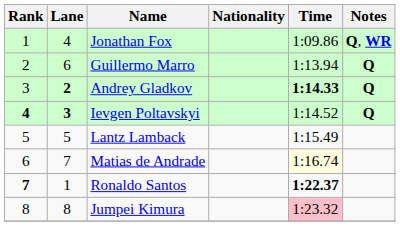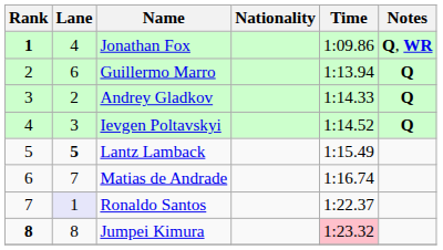 <table class="wikitable">
 <tr>
 <th>Rank</th>
 <th>Lane</th>
 <th>Name</th>
 <th>Nationality</th>
 <th>Time</th>
 <th>Notes</th>
 </tr>
 <tr bgcolor=ccffcc>
-<td align=center>1</td>
+<td align=center><strong>1</strong></td>
 <td align=center>4</td>
 <td><a href='#'>Jonathan Fox</a></td>
 <td></td>
 <td align=center>1:09.86</td>
 <td align=center><strong>Q</strong>, <strong><a href='#'>WR</a></strong></td>
 </tr>
 <tr bgcolor=ccffcc>
 <td align=center>2</td>
 <td align=center>6</td>
 <td><a href='#'>Guillermo Marro</a></td>
 <td></td>
 <td align=center>1:13.94</td>
 <td align=center><strong>Q</strong></td>
 </tr>
 <tr bgcolor=ccffcc>
 <td align=center>3</td>
-<td align=center><strong>2</strong></td>
+<td align=center>2</td>
 <td><a href='#'>Andrey Gladkov</a></td>
 <td></td>
-<td align=center><strong>1:14.33</strong></td>
+<td align=center>1:14.33</td>
 <td align=center><strong>Q</strong></td>
 </tr>
 <tr bgcolor=ccffcc>
-<td align=center><strong>4</strong></td>
-<td align=center><strong>3</strong></td>
+<td align=center>4</td>
+<td align=center>3</td>
 <td><a href='#'>Ievgen Poltavskyi</a></td>
 <td></td>
 <td align=center>1:14.52</td>
 <td align=center><strong>Q</strong></td>
 </tr>
 <tr>
 <td align=center>5</td>
-<td align=center>5</td>
+<td align=center><strong>5</strong></td>
 <td><a href='#'>Lantz Lamback</a></td>
 <td></td>
 <td align=center>1:15.49</td>
 <td align=center></td>
 </tr>
 <tr>
 <td align=center>6</td>
 <td align=center>7</td>
 <td><a href='#'>Matias de Andrade</a></td>
 <td></td>
-<td align=center style="background: lightyellow;">1:16.74</td>
+<td align=center>1:16.74</td>
 <td align=center></td>
 </tr>
 <tr>
-<td align=center><strong>7</strong></td>
-<td align=center>1</td>
+<td align=center>7</td>
+<td align=center style="background: lavender;">1</td>
 <td><a href='#'>Ronaldo Santos</a></td>
 <td></td>
-<td align=center><strong>1:22.37</strong></td>
+<td align=center>1:22.37</td>
 <td align=center></td>
 </tr>
 <tr>
-<td align=center>8</td>
+<td align=center><strong>8</strong></td>
 <td align=center>8</td>
 <td><a href='#'>Jumpei Kimura</a></td>
 <td></td>
 <td align=center style="background: pink;">1:23.32</td>
 <td align=center></td>
 </tr>
 <tr>
 </tr>
 </table>
